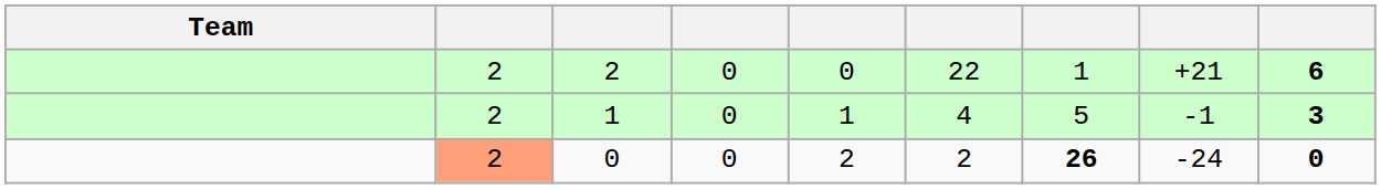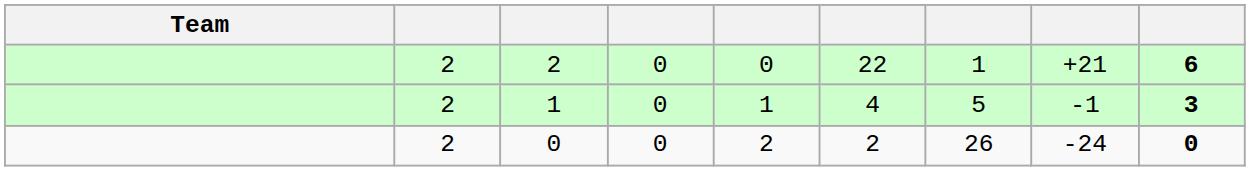 <table class="wikitable" style="text-align: center;">
 <tr>
 <th width=200>Team</th>
 <th width=50 abbr="Played"></th>
 <th width=50 abbr="Won"></th>
 <th width=50 abbr="Drawn"></th>
 <th width=50 abbr="Lost"></th>
 <th width=50 abbr="Goals for"></th>
 <th width=50 abbr="Goals against"></th>
 <th width=50 abbr="Goal difference"></th>
 <th width=50 abbr="Points"></th>
 </tr>
 <tr align=center style="background:#ccffcc;">
 <td align="left"><strong></strong></td>
 <td>2</td>
 <td>2</td>
 <td>0</td>
 <td>0</td>
 <td>22</td>
 <td>1</td>
 <td>+21</td>
 <td><strong>6</strong></td>
 </tr>
 <tr align=center style="background:#ccffcc;">
 <td align="left"><strong></strong></td>
 <td>2</td>
 <td>1</td>
 <td>0</td>
 <td>1</td>
 <td>4</td>
 <td>5</td>
 <td>-1</td>
 <td><strong>3</strong></td>
 </tr>
 <tr>
 <td align="left"></td>
-<td style="background: lightsalmon;">2</td>
+<td>2</td>
 <td>0</td>
 <td>0</td>
 <td>2</td>
 <td>2</td>
-<td><strong>26</strong></td>
+<td>26</td>
 <td>-24</td>
 <td><strong>0</strong></td>
 </tr>
 </table>
